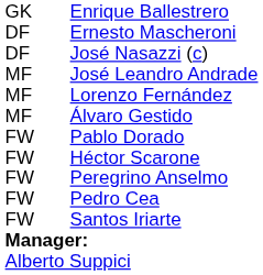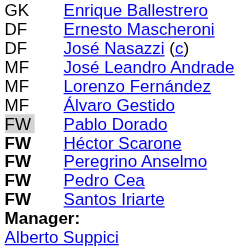 <table style="font-size:90%; margin:0.2em auto;" cellspacing="0" cellpadding="0">
 <tr>
 <th width="25"></th>
 <th width="25"></th>
 </tr>
 <tr>
 <td>GK</td>
 <td></td>
 <td><a href='#'>Enrique Ballestrero</a></td>
 </tr>
 <tr>
 <td>DF</td>
 <td></td>
 <td><a href='#'>Ernesto Mascheroni</a></td>
 </tr>
 <tr>
 <td>DF</td>
 <td></td>
 <td><a href='#'>José Nasazzi</a> (<a href='#'>c</a>)</td>
 </tr>
 <tr>
 <td>MF</td>
 <td></td>
 <td><a href='#'>José Leandro Andrade</a></td>
 </tr>
 <tr>
 <td>MF</td>
 <td></td>
 <td><a href='#'>Lorenzo Fernández</a></td>
 </tr>
 <tr>
 <td>MF</td>
 <td></td>
 <td><a href='#'>Álvaro Gestido</a></td>
 </tr>
 <tr>
-<td>FW</td>
+<td style="background: lightgrey;">FW</td>
 <td></td>
 <td><a href='#'>Pablo Dorado</a></td>
 </tr>
 <tr>
-<td>FW</td>
+<td><strong>FW</strong></td>
 <td></td>
 <td><a href='#'>Héctor Scarone</a></td>
 </tr>
 <tr>
-<td>FW</td>
+<td><strong>FW</strong></td>
 <td></td>
 <td><a href='#'>Peregrino Anselmo</a></td>
 </tr>
 <tr>
-<td>FW</td>
+<td><strong>FW</strong></td>
 <td></td>
 <td><a href='#'>Pedro Cea</a></td>
 </tr>
 <tr>
-<td>FW</td>
+<td><strong>FW</strong></td>
 <td></td>
 <td><a href='#'>Santos Iriarte</a></td>
 </tr>
 <tr>
 <td colspan=3><strong>Manager:</strong></td>
 </tr>
 <tr>
 <td colspan=4><a href='#'>Alberto Suppici</a></td>
 </tr>
 </table>
